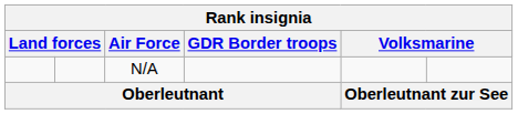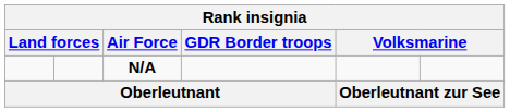 <table class=wikitable>
 <tr>
 <th colspan="10">Rank insignia</th>
 </tr>
 <tr bgcolor="#CCCCCC" align="center">
 <th colspan="2"> <a href='#'>Land forces</a></th>
 <th colspan="1"> <a href='#'>Air Force</a></th>
 <th colspan="1"> <a href='#'>GDR Border troops</a></th>
 <th colspan="2"> <a href='#'>Volksmarine</a></th>
 </tr>
 <tr align="center">
 <td></td>
 <td></td>
-<td style="vertical-align: middle">N/A</td>
+<td style="vertical-align: middle"><strong>N/A</strong></td>
 <td></td>
 <td></td>
 <td></td>
 </tr>
 <tr>
 <th colspan="4">Oberleutnant</th>
 <th colspan="2">Oberleutnant zur See</th>
 </tr>
 </table>
